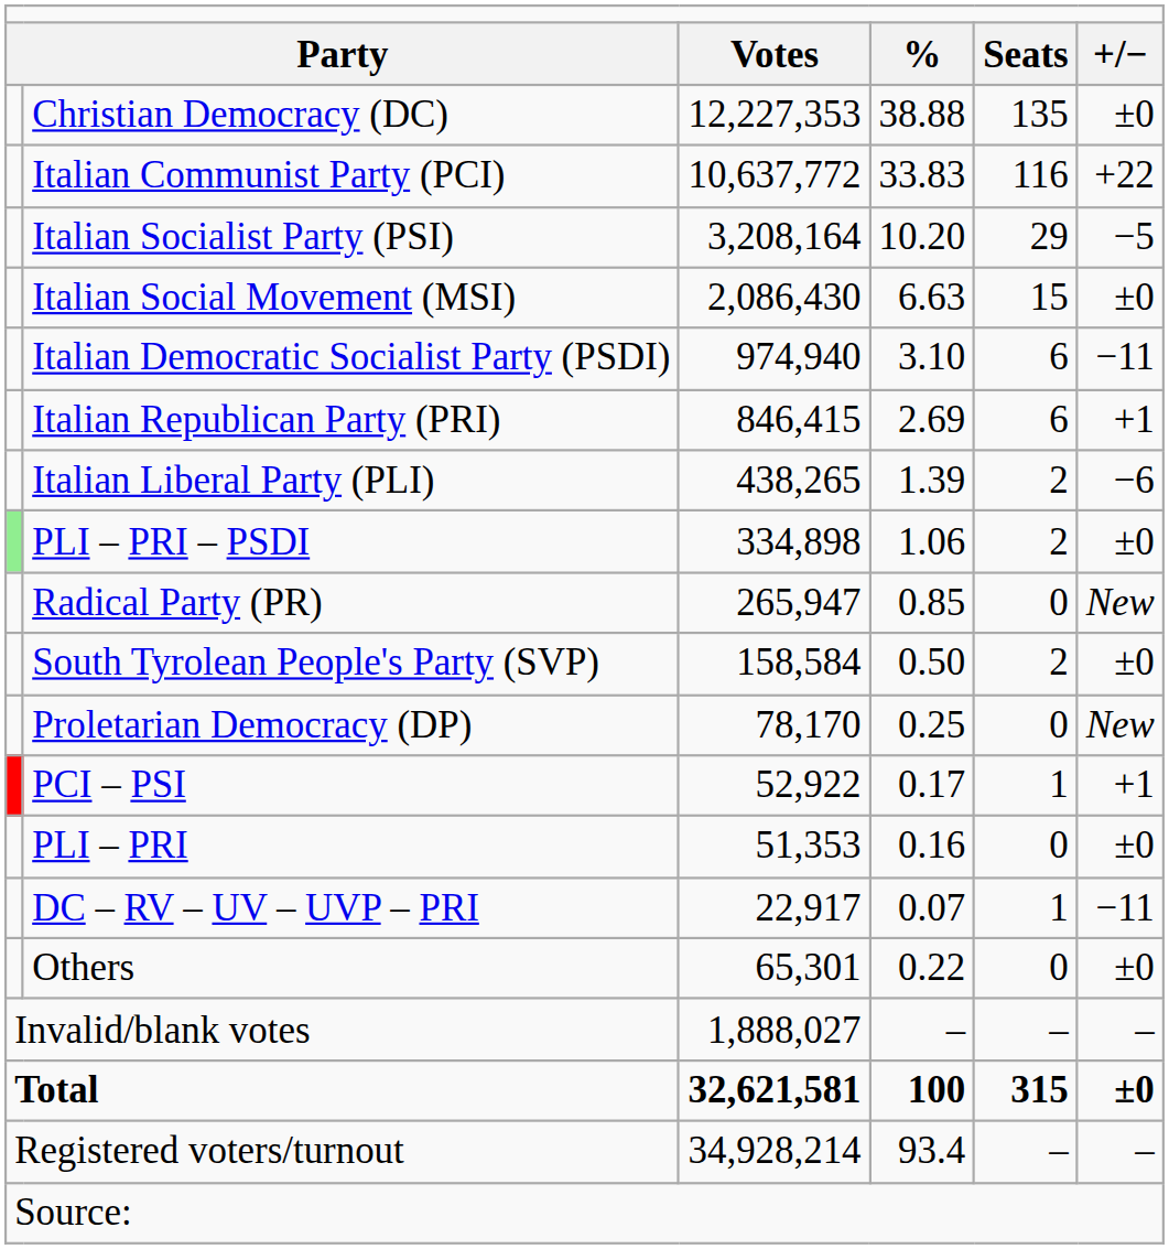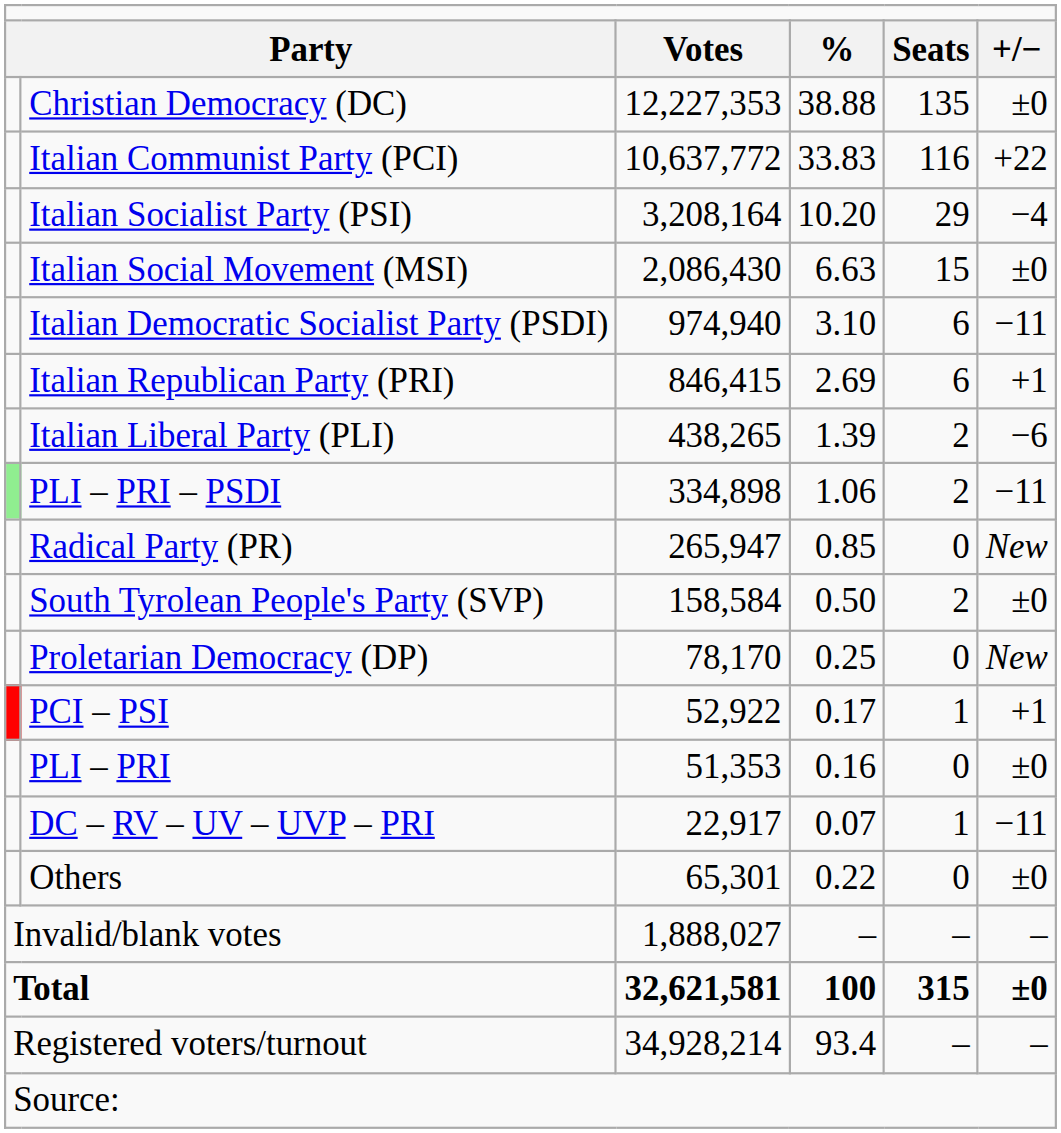 <table class="wikitable" style="text-align:right">
 <tr>
 <td colspan="6"></td>
 </tr>
 <tr>
 <th colspan=2>Party</th>
 <th>Votes</th>
 <th>%</th>
 <th>Seats</th>
 <th>+/−</th>
 </tr>
 <tr>
 <td style="background-color:"></td>
 <td align=left><a href='#'>Christian Democracy</a> (DC)</td>
 <td>12,227,353</td>
 <td>38.88</td>
 <td>135</td>
 <td>±0</td>
 </tr>
 <tr>
 <td style="background-color:"></td>
 <td align=left><a href='#'>Italian Communist Party</a> (PCI)</td>
 <td>10,637,772</td>
 <td>33.83</td>
 <td>116</td>
 <td><span>+22</span></td>
 </tr>
 <tr>
 <td style="background-color:"></td>
 <td align=left><a href='#'>Italian Socialist Party</a> (PSI)</td>
 <td>3,208,164</td>
 <td>10.20</td>
 <td>29</td>
-<td><span>−5</span></td>
+<td><span>−4</span></td>
 </tr>
 <tr>
 <td style="background-color:"></td>
 <td align=left><a href='#'>Italian Social Movement</a> (MSI)</td>
 <td>2,086,430</td>
 <td>6.63</td>
 <td>15</td>
 <td>±0</td>
 </tr>
 <tr>
 <td style="background-color:"></td>
 <td align=left><a href='#'>Italian Democratic Socialist Party</a> (PSDI)</td>
 <td>974,940</td>
 <td>3.10</td>
 <td>6</td>
 <td><span>−11</span></td>
 </tr>
 <tr>
 <td style="background-color:"></td>
 <td align=left><a href='#'>Italian Republican Party</a> (PRI)</td>
 <td>846,415</td>
 <td>2.69</td>
 <td>6</td>
 <td><span>+1</span></td>
 </tr>
 <tr>
 <td style="background-color:"></td>
 <td align=left><a href='#'>Italian Liberal Party</a> (PLI)</td>
 <td>438,265</td>
 <td>1.39</td>
 <td>2</td>
 <td><span>−6</span></td>
 </tr>
 <tr>
 <td style="background-color:lightgreen"></td>
 <td align=left><a href='#'>PLI</a> – <a href='#'>PRI</a> – <a href='#'>PSDI</a></td>
 <td>334,898</td>
 <td>1.06</td>
 <td>2</td>
-<td>±0</td>
+<td><span>−11</span></td>
 </tr>
 <tr>
 <td style="background-color:"></td>
 <td align=left><a href='#'>Radical Party</a> (PR)</td>
 <td>265,947</td>
 <td>0.85</td>
 <td>0</td>
 <td><em>New</em></td>
 </tr>
 <tr>
 <td style="background-color:"></td>
 <td align=left><a href='#'>South Tyrolean People's Party</a> (SVP)</td>
 <td>158,584</td>
 <td>0.50</td>
 <td>2</td>
 <td>±0</td>
 </tr>
 <tr>
 <td style="background-color:"></td>
 <td align=left><a href='#'>Proletarian Democracy</a> (DP)</td>
 <td>78,170</td>
 <td>0.25</td>
 <td>0</td>
 <td><em>New</em></td>
 </tr>
 <tr>
 <td style="background-color:red"></td>
 <td align=left><a href='#'>PCI</a> – <a href='#'>PSI</a></td>
 <td>52,922</td>
 <td>0.17</td>
 <td>1</td>
 <td><span>+1</span></td>
 </tr>
 <tr>
 <td style="background-color:"></td>
 <td align=left><a href='#'>PLI</a> – <a href='#'>PRI</a></td>
 <td>51,353</td>
 <td>0.16</td>
 <td>0</td>
 <td>±0</td>
 </tr>
 <tr>
 <td style="background-color:"></td>
 <td align=left><a href='#'>DC</a> – <a href='#'>RV</a> – <a href='#'>UV</a> – <a href='#'>UVP</a> – <a href='#'>PRI</a></td>
 <td>22,917</td>
 <td>0.07</td>
 <td>1</td>
 <td><span>−11</span></td>
 </tr>
 <tr>
 <td style="background-color:"></td>
 <td align=left>Others</td>
 <td>65,301</td>
 <td>0.22</td>
 <td>0</td>
 <td>±0</td>
 </tr>
 <tr>
 <td align=left colspan=2>Invalid/blank votes</td>
 <td>1,888,027</td>
 <td>–</td>
 <td>–</td>
 <td>–</td>
 </tr>
 <tr>
 <td align=left colspan=2><strong>Total</strong></td>
 <td><strong>32,621,581</strong></td>
 <td><strong>100</strong></td>
 <td><strong>315</strong></td>
 <td><strong>±0</strong></td>
 </tr>
 <tr>
 <td align=left colspan=2>Registered voters/turnout</td>
 <td>34,928,214</td>
 <td>93.4</td>
 <td>–</td>
 <td>–</td>
 </tr>
 <tr>
 <td align=left colspan=6>Source: </td>
 </tr>
 </table>
